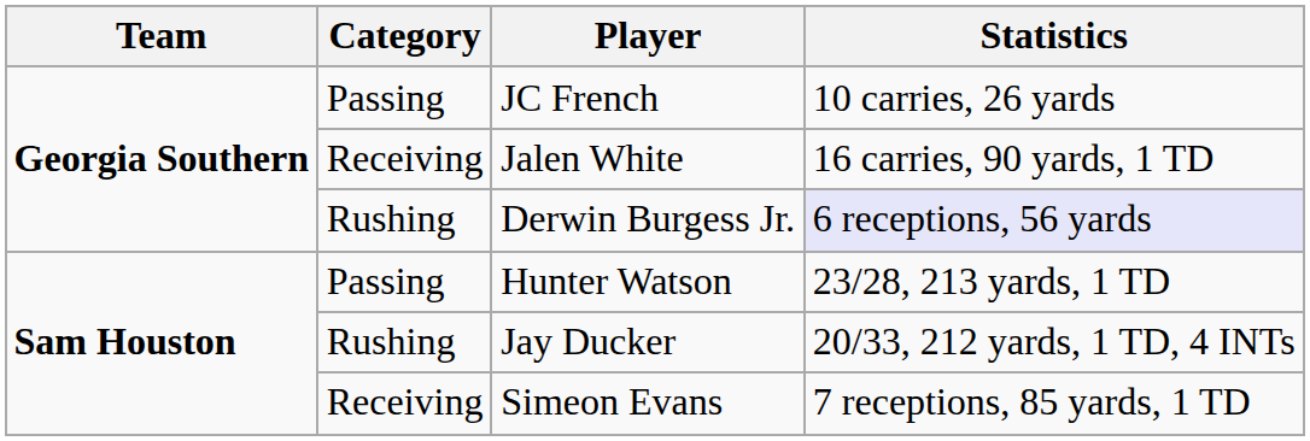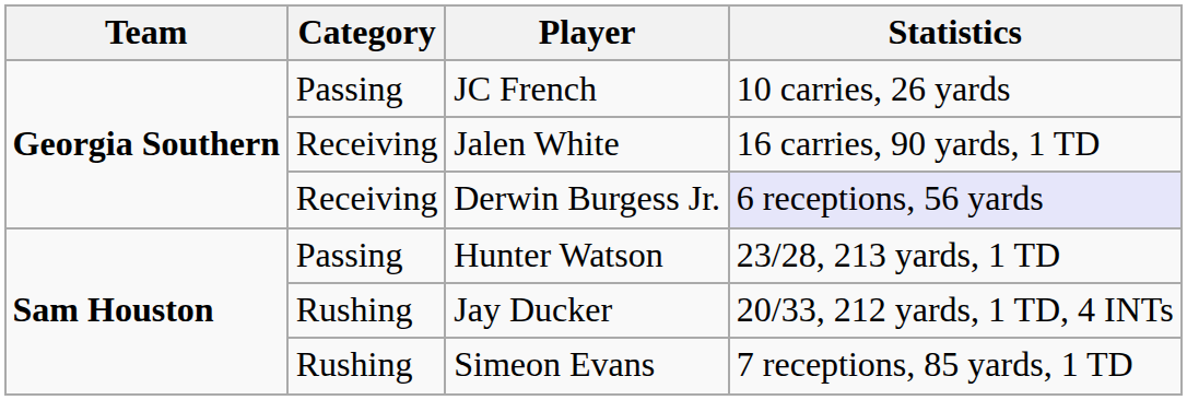 <table class="wikitable" style="float: right;">
 <tr>
 <th>Team</th>
 <th>Category</th>
 <th>Player</th>
 <th>Statistics</th>
 </tr>
 <tr>
 <td rowspan=3><strong>Georgia Southern</strong></td>
 <td>Passing</td>
 <td>JC French</td>
 <td>10 carries, 26 yards</td>
 </tr>
 <tr>
 <td>Receiving</td>
 <td>Jalen White</td>
 <td>16 carries, 90 yards, 1 TD</td>
 </tr>
 <tr>
-<td>Rushing</td>
+<td>Receiving</td>
 <td>Derwin Burgess Jr.</td>
 <td style="background: lavender;">6 receptions, 56 yards</td>
 </tr>
 <tr>
 <td rowspan=3><strong>Sam Houston</strong></td>
 <td>Passing</td>
 <td>Hunter Watson</td>
 <td>23/28, 213 yards, 1 TD</td>
 </tr>
 <tr>
 <td>Rushing</td>
 <td>Jay Ducker</td>
 <td>20/33, 212 yards, 1 TD, 4 INTs</td>
 </tr>
 <tr>
-<td>Receiving</td>
+<td>Rushing</td>
 <td>Simeon Evans</td>
 <td>7 receptions, 85 yards, 1 TD</td>
 </tr>
 </table>
